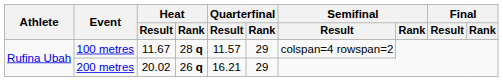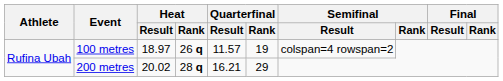 <table class=wikitable style=font-size:90%>
 <tr>
 <th rowspan=2>Athlete</th>
 <th rowspan=2>Event</th>
 <th colspan=2>Heat</th>
 <th colspan=2>Quarterfinal</th>
 <th colspan=2>Semifinal</th>
 <th colspan=2>Final</th>
 </tr>
 <tr style=font-size:95%>
 <th>Result</th>
 <th>Rank</th>
 <th>Result</th>
 <th>Rank</th>
 <th>Result</th>
 <th>Rank</th>
 <th>Result</th>
 <th>Rank</th>
 </tr>
 <tr align=center>
 <td align=left rowspan=2><a href='#'>Rufina Ubah</a></td>
 <td align=left><a href='#'>100 metres</a></td>
-<td>11.67</td>
-<td>28 <strong>q</strong></td>
+<td>18.97</td>
+<td>26 <strong>q</strong></td>
 <td>11.57</td>
-<td>29</td>
+<td>19</td>
 <td>colspan=4 rowspan=2 </td>
 </tr>
 <tr align=center>
 <td align=left><a href='#'>200 metres</a></td>
 <td>20.02</td>
-<td>26 <strong>q</strong></td>
+<td>28 <strong>q</strong></td>
 <td>16.21</td>
 <td>29</td>
 </tr>
 </table>
